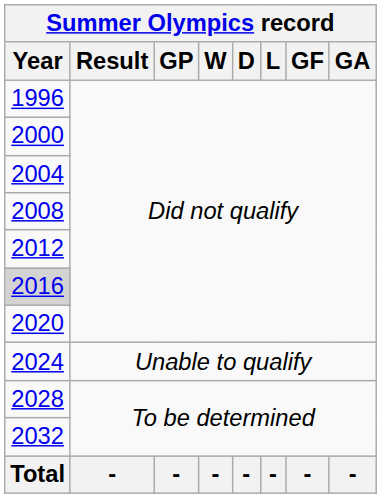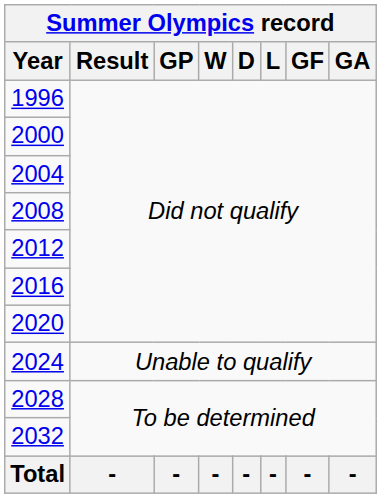 <table class="wikitable" style="text-align: center;">
 <tr>
 <th colspan=8><a href='#'>Summer Olympics</a> record</th>
 </tr>
 <tr>
 <th>Year</th>
 <th>Result</th>
 <th>GP</th>
 <th>W</th>
 <th>D</th>
 <th>L</th>
 <th>GF</th>
 <th>GA</th>
 </tr>
 <tr>
 <td> <a href='#'>1996</a></td>
 <td colspan=7 rowspan=7><em>Did not qualify</em></td>
 </tr>
 <tr>
 <td> <a href='#'>2000</a></td>
 </tr>
 <tr>
 <td> <a href='#'>2004</a></td>
 </tr>
 <tr>
 <td> <a href='#'>2008</a></td>
 </tr>
 <tr>
 <td> <a href='#'>2012</a></td>
 </tr>
 <tr>
-<td style="background: lightgrey;"> <a href='#'>2016</a></td>
+<td> <a href='#'>2016</a></td>
 </tr>
 <tr>
 <td> <a href='#'>2020</a></td>
 </tr>
 <tr>
 <td> <a href='#'>2024</a></td>
 <td colspan=7><em>Unable to qualify</em></td>
 </tr>
 <tr>
 <td> <a href='#'>2028</a></td>
 <td colspan=7 rowspan=2><em>To be determined</em></td>
 </tr>
 <tr>
 <td> <a href='#'>2032</a></td>
 </tr>
 <tr>
 <th>Total</th>
 <th>-</th>
 <th>-</th>
 <th>-</th>
 <th>-</th>
 <th>-</th>
 <th>-</th>
 <th>-</th>
 </tr>
 </table>
